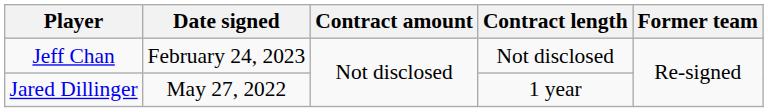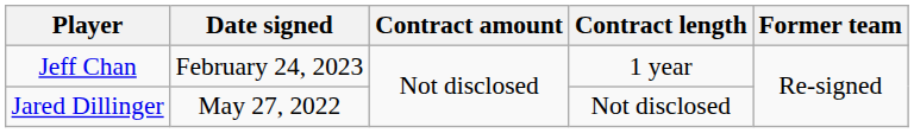 <table class="wikitable sortable sortable">
 <tr>
 <th>Player</th>
 <th>Date signed</th>
 <th>Contract amount</th>
 <th>Contract length</th>
 <th>Former team</th>
 </tr>
 <tr>
 <td align=center><a href='#'>Jeff Chan</a></td>
 <td align=center>February 24, 2023</td>
 <td align=center rowspan=2>Not disclosed</td>
-<td align=center>Not disclosed</td>
+<td align=center>1 year</td>
 <td align=center rowspan=2>Re-signed</td>
 </tr>
 <tr>
 <td align=center><a href='#'>Jared Dillinger</a></td>
 <td align=center>May 27, 2022</td>
-<td align=center>1 year</td>
+<td align=center>Not disclosed</td>
 </tr>
 </table>
